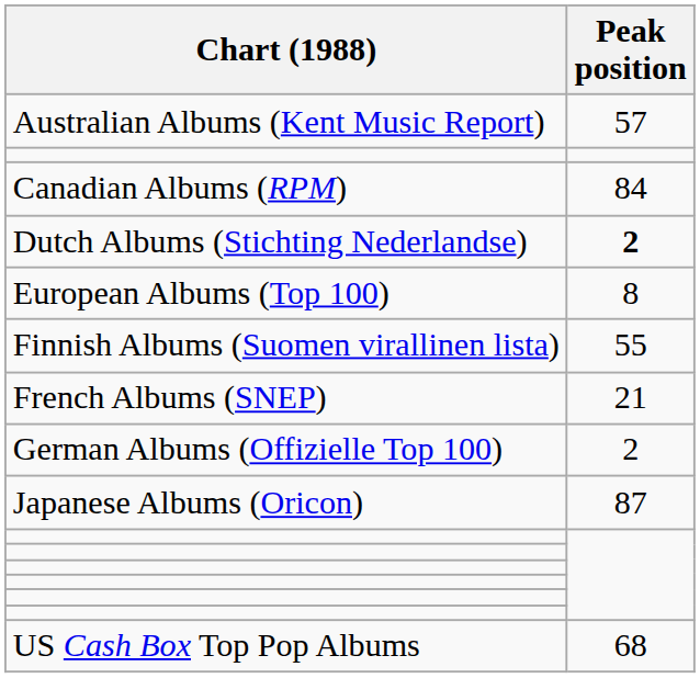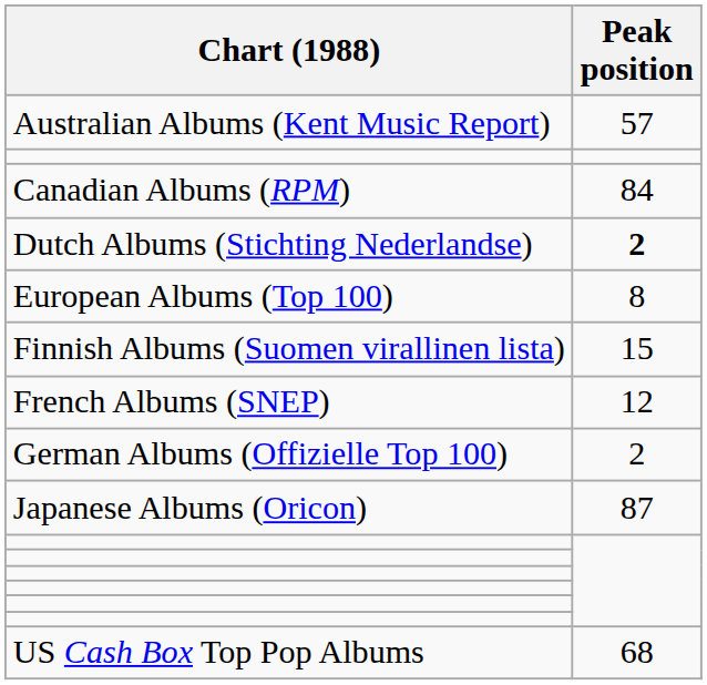 <table class="wikitable sortable plainrowheaders">
 <tr>
 <th>Chart (1988)</th>
 <th>Peak<br>position</th>
 </tr>
 <tr>
 <td align="left">Australian Albums (<a href='#'>Kent Music Report</a>)</td>
 <td align="center">57</td>
 </tr>
 <tr>
 <td></td>
 </tr>
 <tr>
 <td align="left">Canadian Albums (<em><a href='#'>RPM</a></em>)</td>
 <td align="center">84</td>
 </tr>
 <tr>
 <td align="left">Dutch Albums (<a href='#'>Stichting Nederlandse</a>)</td>
 <td align="center"><strong>2</strong></td>
 </tr>
 <tr>
 <td align="left">European Albums (<a href='#'>Top 100</a>)</td>
 <td align="center">8</td>
 </tr>
 <tr>
 <td align="left">Finnish Albums (<a href='#'>Suomen virallinen lista</a>)</td>
-<td align="center">55</td>
+<td align="center">15</td>
 </tr>
 <tr>
 <td align="left">French Albums (<a href='#'>SNEP</a>)</td>
-<td align="center">21</td>
+<td align="center">12</td>
 </tr>
 <tr>
 <td align="left">German Albums (<a href='#'>Offizielle Top 100</a>)</td>
 <td align="center">2</td>
 </tr>
 <tr>
 <td align="left">Japanese Albums (<a href='#'>Oricon</a>)</td>
 <td align="center">87</td>
 </tr>
 <tr>
 <td></td>
 </tr>
 <tr>
 <td></td>
 </tr>
 <tr>
 <td></td>
 </tr>
 <tr>
 <td></td>
 </tr>
 <tr>
 <td></td>
 </tr>
 <tr>
 <td></td>
 </tr>
 <tr>
 <td>US <em><a href='#'>Cash Box</a></em> Top Pop Albums </td>
 <td align="center">68</td>
 </tr>
 </table>
